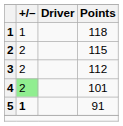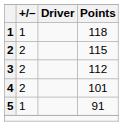 <table class="wikitable sortable">
 <tr>
 </tr>
 <tr>
 <th scope="col"></th>
 <th scope="col">+/–</th>
 <th scope="col">Driver</th>
 <th scope="col">Points</th>
 </tr>
 <tr>
 <th scope="row">1</th>
 <td align="left"> 1</td>
 <td></td>
 <td style="text-align:center;">118</td>
 </tr>
 <tr>
 <th scope="row">2</th>
 <td align="left"> 2</td>
 <td></td>
 <td style="text-align:center;">115</td>
 </tr>
 <tr>
 <th scope="row">3</th>
 <td align="left"> 2</td>
 <td></td>
 <td style="text-align:center;">112</td>
 </tr>
 <tr>
 <th scope="row">4</th>
-<td align="left" style="background: lightgreen;"> 2</td>
+<td align="left"> 2</td>
 <td></td>
 <td style="text-align:center;">101</td>
 </tr>
 <tr>
 <th scope="row">5</th>
-<td align="left"><strong> 1</strong></td>
+<td align="left"> 1</td>
 <td></td>
 <td style="text-align:center;">91</td>
 </tr>
 <tr>
 </tr>
 <tr class="sortbottom">
 <td colspan="9"></td>
 </tr>
 </table>
